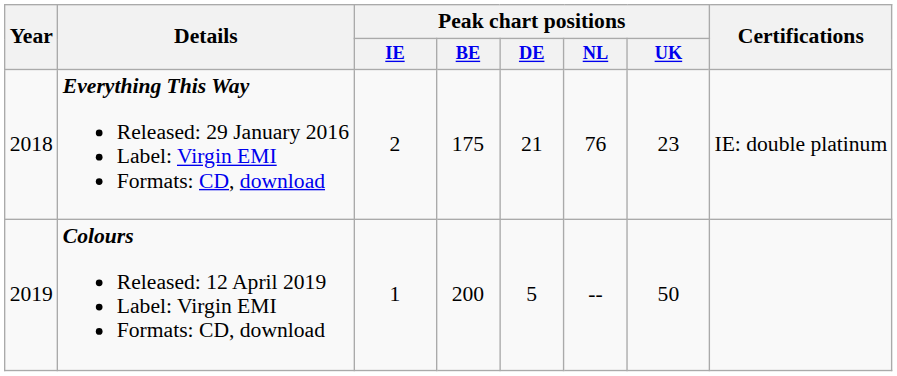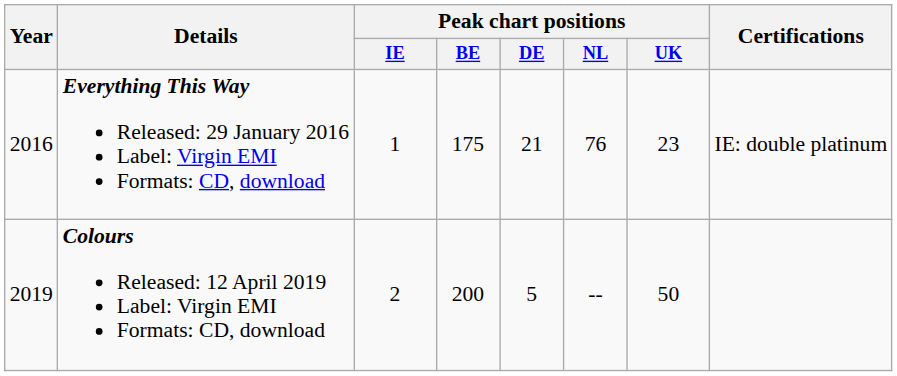 <table class="wikitable" style=text-align:center;>
 <tr>
 <th rowspan="2">Year</th>
 <th rowspan="2">Details</th>
 <th colspan="5">Peak chart positions</th>
 <th scope="col" rowspan=2>Certifications</th>
 </tr>
 <tr>
 <th style="width:4em;font-size:85%"><a href='#'>IE</a><br></th>
 <th scope="col" style="width:3em;font-size:85%;"><a href='#'>BE</a><br></th>
 <th scope="col" style="width:3em;font-size:85%;"><a href='#'>DE</a><br></th>
 <th scope="col" style="width:3em;font-size:85%;"><a href='#'>NL</a><br></th>
 <th style="width:4em;font-size:85%"><a href='#'>UK</a><br></th>
 </tr>
 <tr>
-<td>2018</td>
+<td>2016</td>
 <td align="left"><strong><em>Everything This Way</em></strong><br><ul><li>Released: 29 January 2016</li><li>Label: <a href='#'>Virgin EMI</a></li><li>Formats: <a href='#'>CD</a>, <a href='#'>download</a></li></ul></td>
-<td>2</td>
+<td>1</td>
 <td>175</td>
 <td>21</td>
 <td>76</td>
 <td>23</td>
 <td>IE: double platinum </td>
 </tr>
 <tr>
 <td>2019</td>
 <td align="left"><strong><em>Colours</em></strong><br><ul><li>Released: 12 April 2019</li><li>Label: Virgin EMI</li><li>Formats: CD, download</li></ul></td>
-<td>1<br></td>
+<td>2<br></td>
 <td>200</td>
 <td>5</td>
 <td>--</td>
 <td>50</td>
 <td></td>
 </tr>
 </table>
